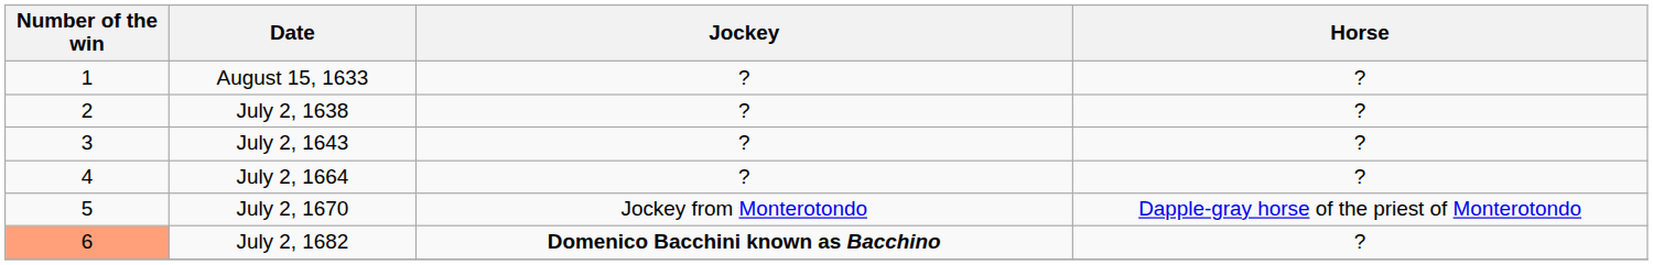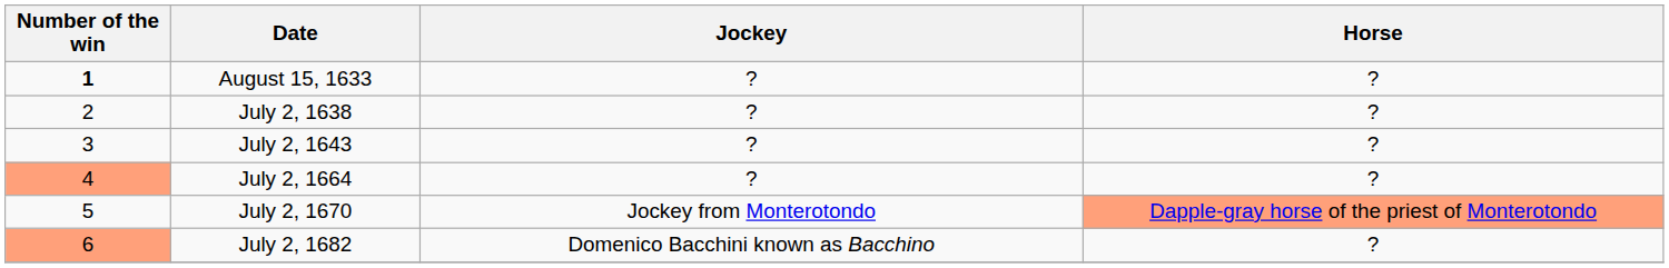 <table class="wikitable" style="text-align: center; width: 100%; ">
 <tr>
 <th width="10%">Number of the win</th>
 <th width="15%">Date</th>
 <th width="40%">Jockey</th>
 <th width="35%">Horse</th>
 </tr>
 <tr>
-<td>1</td>
+<td><strong>1</strong></td>
 <td>August 15, 1633</td>
 <td>?</td>
 <td>?</td>
 </tr>
 <tr>
 <td>2</td>
 <td>July 2, 1638</td>
 <td>?</td>
 <td>?</td>
 </tr>
 <tr>
 <td>3</td>
 <td>July 2, 1643</td>
 <td>?</td>
 <td>?</td>
 </tr>
 <tr>
-<td>4</td>
+<td style="background: lightsalmon;">4</td>
 <td>July 2, 1664</td>
 <td>?</td>
 <td>?</td>
 </tr>
 <tr>
 <td>5</td>
 <td>July 2, 1670</td>
 <td>Jockey from <a href='#'>Monterotondo</a></td>
-<td><a href='#'>Dapple-gray horse</a> of the priest of <a href='#'>Monterotondo</a></td>
+<td style="background: lightsalmon;"><a href='#'>Dapple-gray horse</a> of the priest of <a href='#'>Monterotondo</a></td>
 </tr>
 <tr>
 <td style="background: lightsalmon;">6</td>
 <td>July 2, 1682</td>
-<td><strong>Domenico Bacchini known as <em>Bacchino</em></strong></td>
+<td>Domenico Bacchini known as <em>Bacchino</em></td>
 <td>?</td>
 </tr>
 <tr>
 </tr>
 </table>
